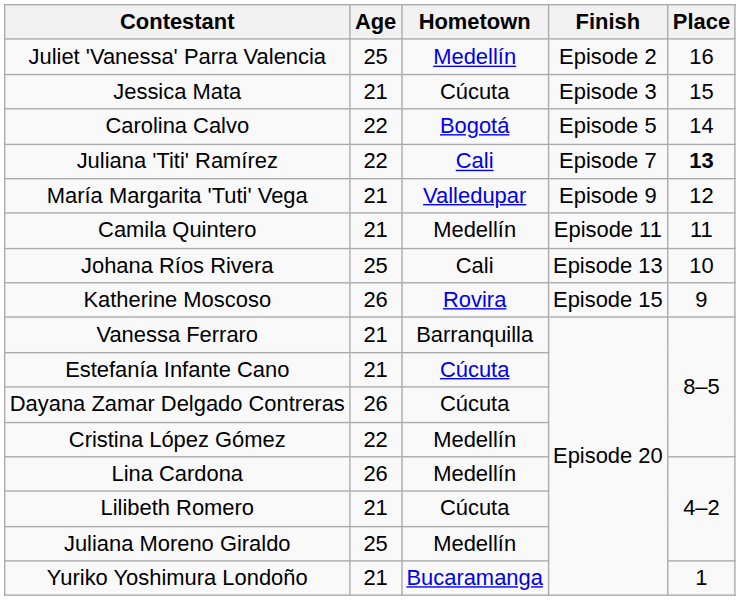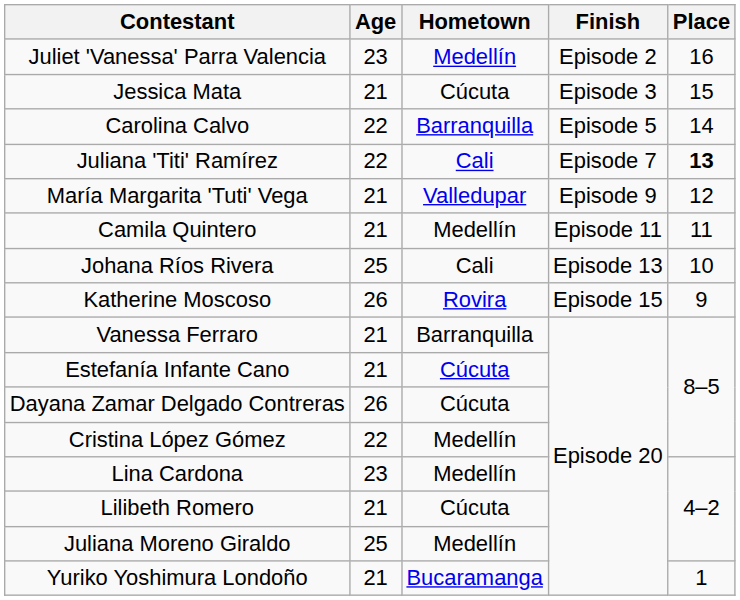 <table class="wikitable sortable" style="text-align:center;">
 <tr>
 <th>Contestant</th>
 <th>Age</th>
 <th>Hometown</th>
 <th>Finish</th>
 <th>Place</th>
 </tr>
 <tr>
 <td>Juliet 'Vanessa' Parra Valencia</td>
-<td>25</td>
+<td>23</td>
 <td><a href='#'>Medellín</a></td>
 <td>Episode 2</td>
 <td>16</td>
 </tr>
 <tr>
 <td>Jessica Mata</td>
 <td>21</td>
 <td>Cúcuta</td>
 <td>Episode 3</td>
 <td>15</td>
 </tr>
 <tr>
 <td>Carolina Calvo</td>
 <td>22</td>
-<td><a href='#'>Bogotá</a></td>
+<td><a href='#'>Barranquilla</a></td>
 <td>Episode 5</td>
 <td>14</td>
 </tr>
 <tr>
 <td>Juliana 'Titi' Ramírez</td>
 <td>22</td>
 <td><a href='#'>Cali</a></td>
 <td>Episode 7</td>
 <td><strong>13</strong></td>
 </tr>
 <tr>
 <td>María Margarita 'Tuti' Vega</td>
 <td>21</td>
 <td><a href='#'>Valledupar</a></td>
 <td>Episode 9</td>
 <td>12</td>
 </tr>
 <tr>
 <td>Camila Quintero</td>
 <td>21</td>
 <td>Medellín</td>
 <td>Episode 11</td>
 <td>11</td>
 </tr>
 <tr>
 <td>Johana Ríos Rivera</td>
 <td>25</td>
 <td>Cali</td>
 <td>Episode 13</td>
 <td>10</td>
 </tr>
 <tr>
 <td>Katherine Moscoso</td>
 <td>26</td>
 <td><a href='#'>Rovira</a></td>
 <td>Episode 15</td>
 <td>9</td>
 </tr>
 <tr>
 <td>Vanessa Ferraro</td>
 <td>21</td>
 <td>Barranquilla</td>
 <td rowspan="8">Episode 20</td>
 <td rowspan="4">8–5</td>
 </tr>
 <tr>
 <td>Estefanía Infante Cano</td>
 <td>21</td>
 <td><a href='#'>Cúcuta</a></td>
 </tr>
 <tr>
 <td>Dayana Zamar Delgado Contreras</td>
 <td>26</td>
 <td>Cúcuta</td>
 </tr>
 <tr>
 <td>Cristina López Gómez</td>
 <td>22</td>
 <td>Medellín</td>
 </tr>
 <tr>
 <td>Lina Cardona</td>
-<td>26</td>
+<td>23</td>
 <td>Medellín</td>
 <td rowspan="3">4–2</td>
 </tr>
 <tr>
 <td>Lilibeth Romero</td>
 <td>21</td>
 <td>Cúcuta</td>
 </tr>
 <tr>
 <td>Juliana Moreno Giraldo</td>
 <td>25</td>
 <td>Medellín</td>
 </tr>
 <tr>
 <td>Yuriko Yoshimura Londoño</td>
 <td>21</td>
 <td><a href='#'>Bucaramanga</a></td>
 <td>1</td>
 </tr>
 </table>
